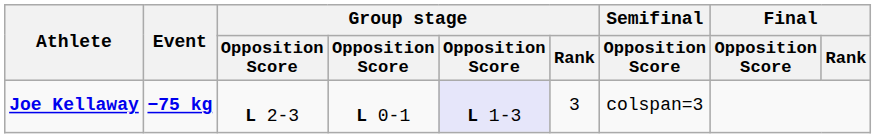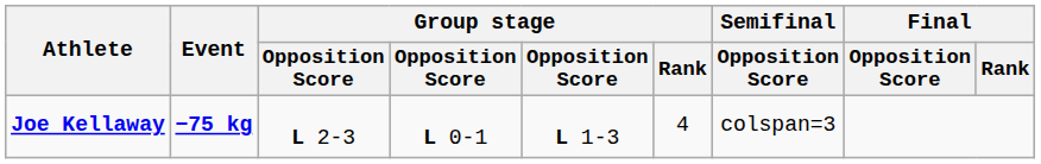 <table class="wikitable" style="text-align:center; font-size:90%">
 <tr>
 <th rowspan=2>Athlete</th>
 <th rowspan=2>Event</th>
 <th colspan=4>Group stage</th>
 <th>Semifinal</th>
 <th colspan=2>Final</th>
 </tr>
 <tr style="font-size:95%">
 <th>Opposition<br>Score</th>
 <th>Opposition<br>Score</th>
 <th>Opposition<br>Score</th>
 <th>Rank</th>
 <th>Opposition<br>Score</th>
 <th>Opposition<br>Score</th>
 <th>Rank</th>
 </tr>
 <tr>
 <td align=left><strong><a href='#'>Joe Kellaway</a></strong></td>
 <td align=left><strong><a href='#'>−75 kg</a></strong></td>
 <td><br><strong>L</strong> 2-3</td>
 <td><br><strong>L</strong> 0-1</td>
-<td style="background: lavender;"><br><strong>L</strong> 1-3</td>
-<td>3</td>
+<td><br><strong>L</strong> 1-3</td>
+<td>4</td>
 <td>colspan=3 </td>
 </tr>
 </table>
